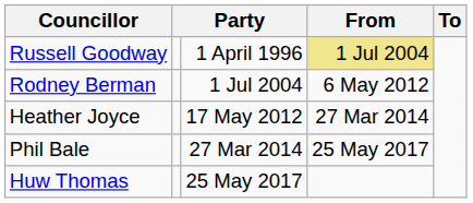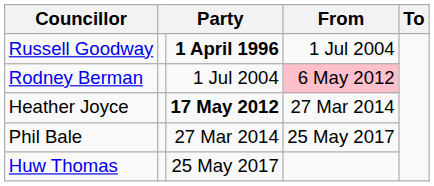 <table class=wikitable>
 <tr>
 <th>Councillor</th>
 <th colspan=2>Party</th>
 <th>From</th>
 <th>To</th>
 </tr>
 <tr>
 <td><a href='#'>Russell Goodway</a></td>
 <td></td>
-<td align=right>1 April 1996</td>
-<td align=right style="background: khaki;">1 Jul 2004</td>
+<td align=right><strong>1 April 1996</strong></td>
+<td align=right>1 Jul 2004</td>
 </tr>
 <tr>
 <td><a href='#'>Rodney Berman</a></td>
 <td></td>
 <td align=right>1 Jul 2004</td>
-<td align=right>6 May 2012</td>
+<td align=right style="background: pink;">6 May 2012</td>
 </tr>
 <tr>
 <td>Heather Joyce</td>
 <td></td>
-<td align=right>17 May 2012</td>
+<td align=right><strong>17 May 2012</strong></td>
 <td align=right>27 Mar 2014</td>
 </tr>
 <tr>
 <td>Phil Bale</td>
 <td></td>
 <td align=right>27 Mar 2014</td>
 <td align=right>25 May 2017</td>
 </tr>
 <tr>
 <td><a href='#'>Huw Thomas</a></td>
 <td></td>
 <td align=right>25 May 2017</td>
 <td align=right></td>
 </tr>
 </table>
